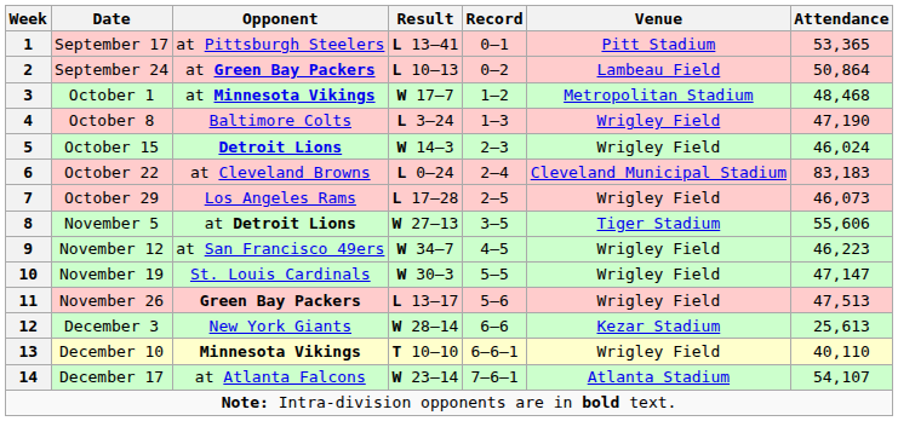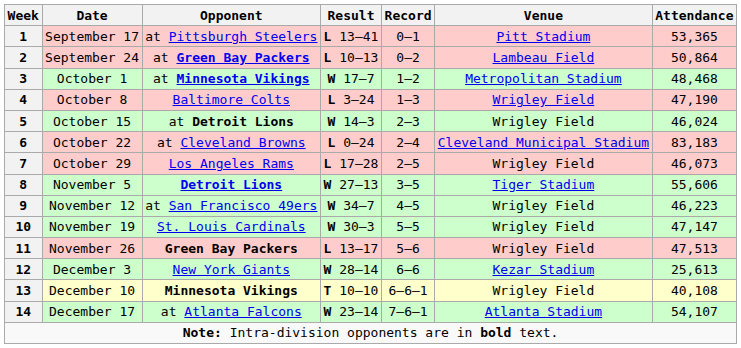 <table class="wikitable" style="text-align:center">
 <tr>
 <th>Week</th>
 <th>Date</th>
 <th>Opponent</th>
 <th>Result</th>
 <th>Record</th>
 <th>Venue</th>
 <th>Attendance</th>
 </tr>
 <tr style="background:#fcc">
 <th>1</th>
 <td>September 17</td>
 <td>at <a href='#'>Pittsburgh Steelers</a></td>
 <td><strong>L</strong> 13–41</td>
 <td>0–1</td>
 <td><a href='#'>Pitt Stadium</a></td>
 <td>53,365</td>
 </tr>
 <tr style="background:#fcc">
 <th>2</th>
 <td>September 24</td>
 <td>at <strong><a href='#'>Green Bay Packers</a></strong></td>
 <td><strong>L</strong> 10–13</td>
 <td>0–2</td>
 <td><a href='#'>Lambeau Field</a></td>
 <td>50,864</td>
 </tr>
 <tr style="background:#cfc">
 <th>3</th>
 <td>October 1</td>
 <td>at <strong><a href='#'>Minnesota Vikings</a></strong></td>
 <td><strong>W</strong> 17–7</td>
 <td>1–2</td>
 <td><a href='#'>Metropolitan Stadium</a></td>
 <td>48,468</td>
 </tr>
 <tr style="background:#fcc">
 <th>4</th>
 <td>October 8</td>
 <td><a href='#'>Baltimore Colts</a></td>
 <td><strong>L</strong> 3–24</td>
 <td>1–3</td>
 <td><a href='#'>Wrigley Field</a></td>
 <td>47,190</td>
 </tr>
 <tr style="background:#cfc">
 <th>5</th>
 <td>October 15</td>
-<td><strong><a href='#'>Detroit Lions</a></strong></td>
+<td>at <strong>Detroit Lions</strong></td>
 <td><strong>W</strong> 14–3</td>
 <td>2–3</td>
 <td>Wrigley Field</td>
 <td>46,024</td>
 </tr>
 <tr style="background:#fcc">
 <th>6</th>
 <td>October 22</td>
 <td>at <a href='#'>Cleveland Browns</a></td>
 <td><strong>L</strong> 0–24</td>
 <td>2–4</td>
 <td><a href='#'>Cleveland Municipal Stadium</a></td>
 <td>83,183</td>
 </tr>
 <tr style="background:#fcc">
 <th>7</th>
 <td>October 29</td>
 <td><a href='#'>Los Angeles Rams</a></td>
 <td><strong>L</strong> 17–28</td>
 <td>2–5</td>
 <td>Wrigley Field</td>
 <td>46,073</td>
 </tr>
 <tr style="background:#cfc">
 <th>8</th>
 <td>November 5</td>
-<td>at <strong>Detroit Lions</strong></td>
+<td><strong><a href='#'>Detroit Lions</a></strong></td>
 <td><strong>W</strong> 27–13</td>
 <td>3–5</td>
 <td><a href='#'>Tiger Stadium</a></td>
 <td>55,606</td>
 </tr>
 <tr style="background:#cfc">
 <th>9</th>
 <td>November 12</td>
 <td>at <a href='#'>San Francisco 49ers</a></td>
 <td><strong>W</strong> 34–7</td>
 <td>4–5</td>
 <td>Wrigley Field</td>
 <td>46,223</td>
 </tr>
 <tr style="background:#cfc">
 <th>10</th>
 <td>November 19</td>
 <td><a href='#'>St. Louis Cardinals</a></td>
 <td><strong>W</strong> 30–3</td>
 <td>5–5</td>
 <td>Wrigley Field</td>
 <td>47,147</td>
 </tr>
 <tr style="background:#fcc">
 <th>11</th>
 <td>November 26</td>
 <td><strong>Green Bay Packers</strong></td>
 <td><strong>L</strong> 13–17</td>
 <td>5–6</td>
 <td>Wrigley Field</td>
 <td>47,513</td>
 </tr>
 <tr style="background:#cfc">
 <th>12</th>
 <td>December 3</td>
 <td><a href='#'>New York Giants</a></td>
 <td><strong>W</strong> 28–14</td>
 <td>6–6</td>
 <td><a href='#'>Kezar Stadium</a></td>
 <td>25,613</td>
 </tr>
 <tr style="background:#ffc">
 <th>13</th>
 <td>December 10</td>
 <td><strong>Minnesota Vikings</strong></td>
 <td><strong>T</strong> 10–10</td>
 <td>6–6–1</td>
 <td>Wrigley Field</td>
-<td>40,110</td>
+<td>40,108</td>
 </tr>
 <tr style="background:#cfc">
 <th>14</th>
 <td>December 17</td>
 <td>at <a href='#'>Atlanta Falcons</a></td>
 <td><strong>W</strong> 23–14</td>
 <td>7–6–1</td>
 <td><a href='#'>Atlanta Stadium</a></td>
 <td>54,107</td>
 </tr>
 <tr>
 <td colspan="8"><strong>Note:</strong> Intra-division opponents are in <strong>bold</strong> text.</td>
 </tr>
 </table>
